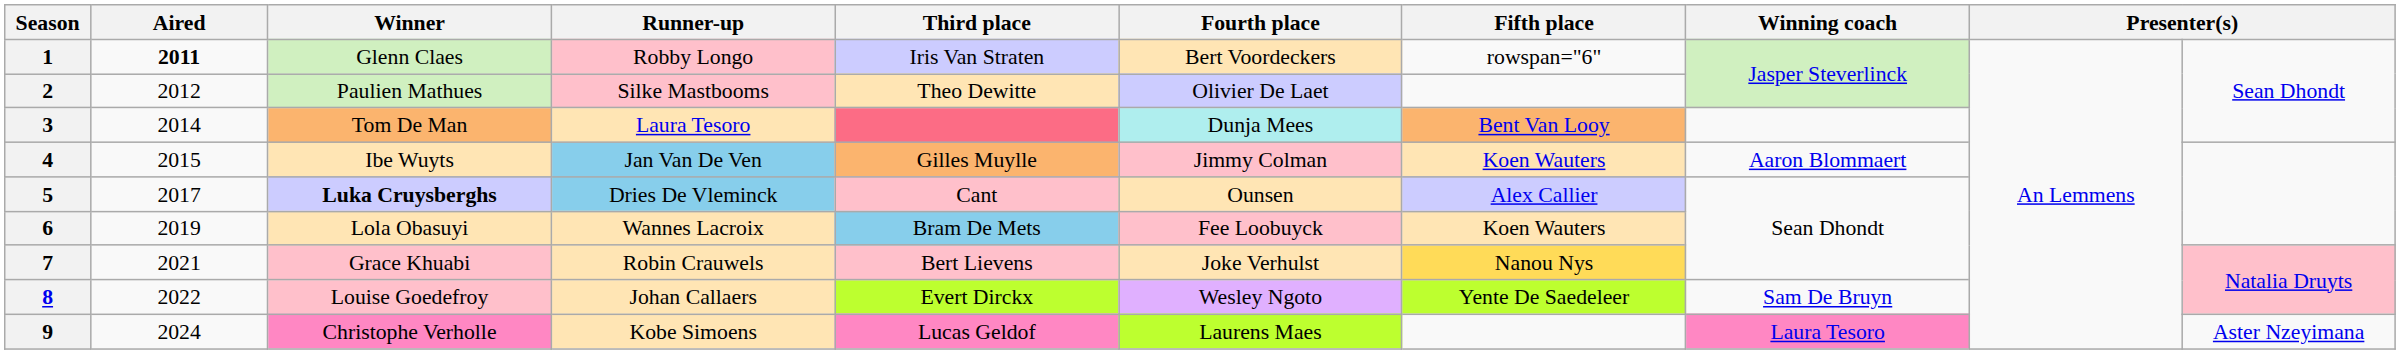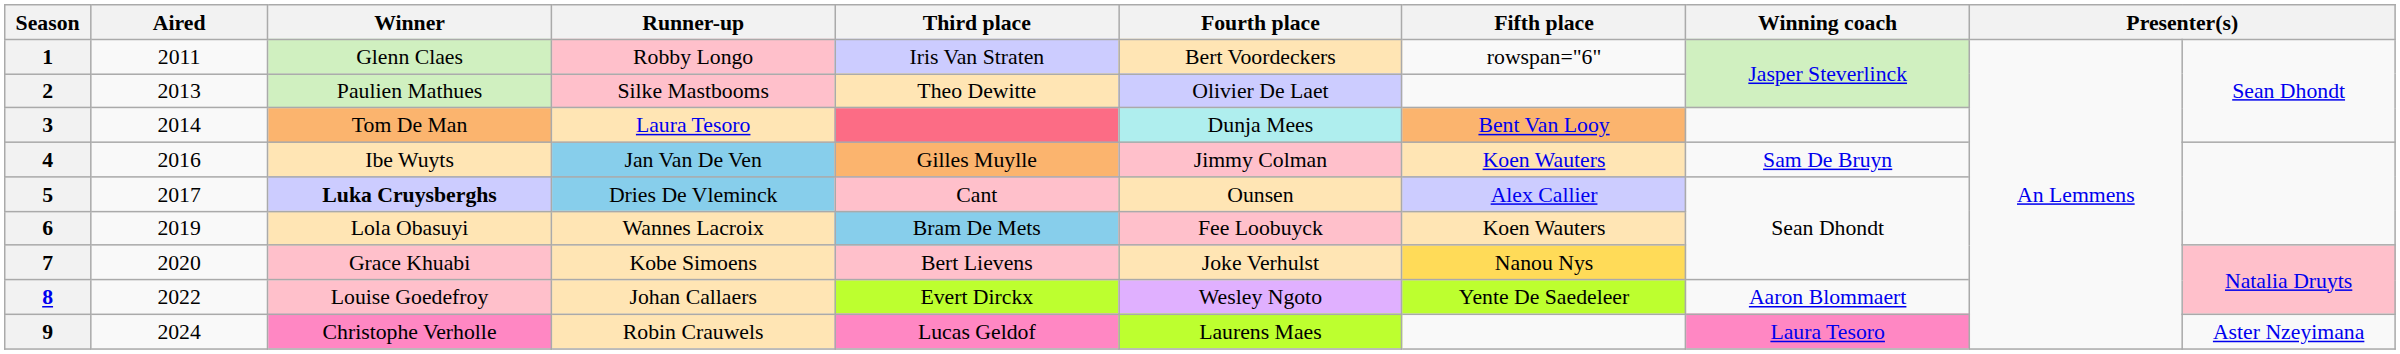 <table class="wikitable" style="text-align:center; font-size:90%; line-height:16px; width:100%">
 <tr>
 <th scope="col" width="01%">Season</th>
 <th scope="col" width="05%">Aired</th>
 <th scope="col" width="08%">Winner</th>
 <th scope="col" width="08%">Runner-up</th>
 <th scope="col" width="08%">Third place</th>
 <th scope="col" width="08%">Fourth place</th>
 <th scope="col" width="08%">Fifth place</th>
 <th scope="col" width="08%">Winning coach</th>
 <th colspan="2" scope="col" width="06%">Presenter(s)</th>
 </tr>
 <tr>
 <th>1</th>
-<td><strong>2011</strong></td>
+<td>2011</td>
 <td style="background:#d0f0c0">Glenn Claes</td>
 <td style="background:pink">Robby Longo</td>
 <td style="background:#ccccff">Iris Van Straten</td>
 <td style="background:#ffe5b4">Bert Voordeckers</td>
 <td>rowspan="6" </td>
 <td rowspan="2" style="background:#d0f0c0"><a href='#'>Jasper Steverlinck</a></td>
 <td rowspan="9" width="06%"><a href='#'>An Lemmens</a></td>
 <td rowspan="3" width="06%"><a href='#'>Sean Dhondt</a></td>
 </tr>
 <tr>
 <th>2</th>
-<td>2012</td>
+<td>2013</td>
 <td style="background:#d0f0c0">Paulien Mathues</td>
 <td style="background:pink">Silke Mastbooms</td>
 <td style="background:#ffe5b4">Theo Dewitte</td>
 <td style="background:#ccccff">Olivier De Laet</td>
 </tr>
 <tr>
 <th>3</th>
 <td>2014</td>
 <td style="background:#fbb46e">Tom De Man</td>
 <td style="background:#ffe5b4"><a href='#'>Laura Tesoro</a></td>
 <td style="background:#FC6C85"> </td>
 <td style="background:#afeeee">Dunja Mees</td>
 <td style="background:#fbb46e"><a href='#'>Bent Van Looy</a></td>
 </tr>
 <tr>
 <th>4</th>
-<td>2015</td>
+<td>2016</td>
 <td style="background:#ffe5b4">Ibe Wuyts</td>
 <td style="background:#87ceeb">Jan Van De Ven</td>
 <td style="background:#fbb46e">Gilles Muylle</td>
 <td style="background:pink">Jimmy Colman</td>
 <td style="background:#ffe5b4"><a href='#'>Koen Wauters</a></td>
-<td><a href='#'>Aaron Blommaert</a></td>
+<td><a href='#'>Sam De Bruyn</a></td>
 </tr>
 <tr>
 <th>5</th>
 <td>2017</td>
 <td style="background:#ccccff"><strong>Luka Cruysberghs</strong></td>
 <td style="background:#87ceeb">Dries De Vleminck</td>
 <td style="background:pink"> Cant</td>
 <td style="background:#ffe5b4"> Ounsen</td>
 <td style="background:#ccccff"><a href='#'>Alex Callier</a></td>
 <td rowspan="3" width="06%">Sean Dhondt</td>
 </tr>
 <tr>
 <th>6</th>
 <td>2019</td>
 <td style="background:#ffe5b4">Lola Obasuyi</td>
 <td style="background:#ffe5b4">Wannes Lacroix</td>
 <td style="background:#87ceeb">Bram De Mets</td>
 <td style="background:pink">Fee Loobuyck</td>
 <td style="background:#ffe5b4">Koen Wauters</td>
 </tr>
 <tr>
 <th>7</th>
-<td>2021</td>
+<td>2020</td>
 <td style="background:pink">Grace Khuabi</td>
-<td style="background:#ffe5b4">Robin Crauwels</td>
+<td style="background:#ffe5b4">Kobe Simoens</td>
 <td style="background:pink">Bert Lievens</td>
 <td style="background:#ffe5b4">Joke Verhulst</td>
 <td style="background:#ffdb58">Nanou Nys</td>
 <td rowspan="2" style="background:pink"><a href='#'>Natalia Druyts</a></td>
 </tr>
 <tr>
 <th><a href='#'>8</a></th>
 <td>2022</td>
 <td style="background:pink">Louise Goedefroy</td>
 <td style="background:#ffe5b4">Johan Callaers</td>
 <td style="background:#bdff2f">Evert Dirckx</td>
 <td style="background:#e0b0ff">Wesley Ngoto</td>
 <td style="background:#bdff2f">Yente De Saedeleer</td>
-<td><a href='#'>Sam De Bruyn</a></td>
+<td><a href='#'>Aaron Blommaert</a></td>
 </tr>
 <tr>
 <th>9</th>
 <td>2024</td>
 <td style="background:#FF87C3">Christophe Verholle</td>
-<td style="background:#ffe5b4">Kobe Simoens</td>
+<td style="background:#ffe5b4">Robin Crauwels</td>
 <td style="background:#FF87C3">Lucas Geldof</td>
 <td style="background:#bdff2f">Laurens Maes</td>
 <td></td>
 <td style="background:#FF87C3"><a href='#'>Laura Tesoro</a></td>
 <td><a href='#'>Aster Nzeyimana</a></td>
 </tr>
 </table>
